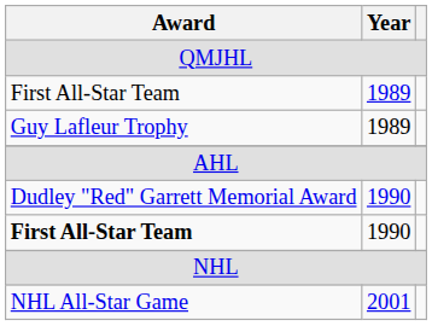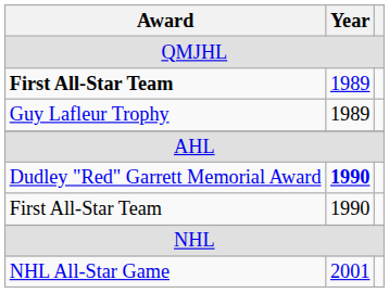 <table class="wikitable">
 <tr>
 <th>Award</th>
 <th>Year</th>
 <th></th>
 </tr>
 <tr ALIGN="center" bgcolor="#e0e0e0">
 <td colspan="3"><a href='#'>QMJHL</a></td>
 </tr>
 <tr>
-<td>First All-Star Team</td>
+<td><strong>First All-Star Team</strong></td>
 <td><a href='#'>1989</a></td>
 <td></td>
 </tr>
 <tr>
 <td><a href='#'>Guy Lafleur Trophy</a></td>
 <td>1989</td>
 <td></td>
 </tr>
 <tr>
 </tr>
 <tr ALIGN="center" bgcolor="#e0e0e0">
 <td colspan="3"><a href='#'>AHL</a></td>
 </tr>
 <tr>
 <td><a href='#'>Dudley "Red" Garrett Memorial Award</a></td>
-<td><a href='#'>1990</a></td>
+<td><strong><a href='#'>1990</a></strong></td>
 <td></td>
 </tr>
 <tr>
-<td><strong>First All-Star Team</strong></td>
+<td>First All-Star Team</td>
 <td>1990</td>
 <td></td>
 </tr>
 <tr>
 </tr>
 <tr ALIGN="center" bgcolor="#e0e0e0">
 <td colspan="3"><a href='#'>NHL</a></td>
 </tr>
 <tr>
 <td><a href='#'>NHL All-Star Game</a></td>
 <td><a href='#'>2001</a></td>
 <td></td>
 </tr>
 </table>
